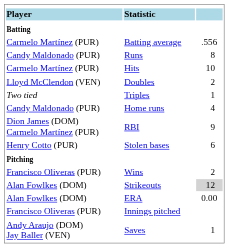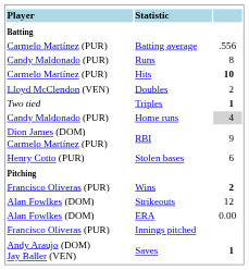 <table cellpadding="1" width="350px" style="font-size: 90%; border: 1px solid gray;">
 <tr align="center" style="font-size: larger;">
 <td colspan=6></td>
 </tr>
 <tr style="background:lightblue;">
 <td><strong>Player</strong></td>
 <td><strong>Statistic</strong></td>
 <td></td>
 </tr>
 <tr align="center" style="vertical-align: middle;" style="background:lightblue;">
 </tr>
 <tr>
 <td><small><strong>Batting</strong></small></td>
 </tr>
 <tr>
 <td><a href='#'>Carmelo Martínez</a> (PUR)</td>
 <td><a href='#'>Batting average</a></td>
 <td>  .556</td>
 </tr>
 <tr>
 <td><a href='#'>Candy Maldonado</a> (PUR)</td>
 <td><a href='#'>Runs</a></td>
 <td>      8</td>
 </tr>
 <tr>
 <td><a href='#'>Carmelo Martínez</a> (PUR)</td>
 <td><a href='#'>Hits</a></td>
-<td>    10</td>
+<td><strong>    10</strong></td>
 </tr>
 <tr>
 <td><a href='#'>Lloyd McClendon</a> (VEN)</td>
 <td><a href='#'>Doubles</a></td>
 <td>      2</td>
 </tr>
 <tr>
 <td><em>Two tied</em></td>
 <td><a href='#'>Triples</a></td>
-<td>      1</td>
+<td><strong>      1</strong></td>
 </tr>
 <tr>
 <td><a href='#'>Candy Maldonado</a> (PUR)</td>
 <td><a href='#'>Home runs</a></td>
-<td>      4</td>
+<td style="background: lightgrey;">      4</td>
 </tr>
 <tr>
 <td><a href='#'>Dion James</a> (DOM)<br><a href='#'>Carmelo Martínez</a> (PUR)</td>
 <td><a href='#'>RBI</a></td>
 <td>      9</td>
 </tr>
 <tr>
 <td><a href='#'>Henry Cotto</a> (PUR)</td>
 <td><a href='#'>Stolen bases</a></td>
 <td>      6</td>
 </tr>
 <tr>
 <td><small><strong>Pitching</strong></small></td>
 </tr>
 <tr>
 <td><a href='#'>Francisco Oliveras</a> (PUR)</td>
 <td><a href='#'>Wins</a></td>
-<td>      2</td>
+<td><strong>      2</strong></td>
 </tr>
 <tr>
 <td><a href='#'>Alan Fowlkes</a> (DOM)</td>
 <td><a href='#'>Strikeouts</a></td>
-<td style="background: lightgrey;">    12</td>
+<td>    12</td>
 </tr>
 <tr>
 <td><a href='#'>Alan Fowlkes</a> (DOM)</td>
 <td><a href='#'>ERA</a></td>
 <td>  0.00</td>
 </tr>
 <tr>
 <td><a href='#'>Francisco Oliveras</a> (PUR)</td>
 <td><a href='#'>Innings pitched</a></td>
 <td>  </td>
 </tr>
 <tr>
 <td><a href='#'>Andy Araujo</a> (DOM)<br><a href='#'>Jay Baller</a> (VEN)</td>
 <td><a href='#'>Saves</a></td>
-<td>      1</td>
+<td><strong>      1</strong></td>
 </tr>
 </table>
